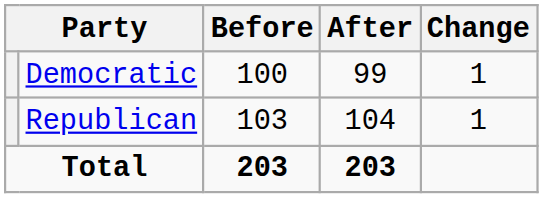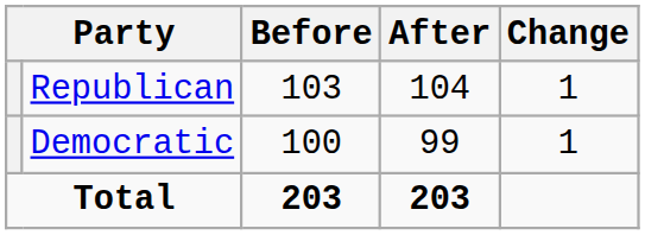 <table class="wikitable" style="text-align:center;">
 <tr>
 <th colspan="2">Party</th>
 <th>Before</th>
 <th>After</th>
 <th>Change</th>
 </tr>
 <tr>
 <th style="background-color:"></th>
-<td style="text-align:left;"><a href='#'>Democratic</a></td>
-<td>100</td>
-<td>99</td>
+<td style="text-align:left;"><a href='#'>Republican</a></td>
+<td>103</td>
+<td>104</td>
 <td> 1</td>
 </tr>
 <tr>
 <th style="background-color:"></th>
-<td style="text-align:left;"><a href='#'>Republican</a></td>
-<td>103</td>
-<td>104</td>
+<td style="text-align:left;"><a href='#'>Democratic</a></td>
+<td>100</td>
+<td>99</td>
 <td> 1</td>
 </tr>
 <tr>
 <td colspan="2"><strong>Total</strong></td>
 <td><strong>203</strong></td>
 <td><strong>203</strong></td>
 <td></td>
 </tr>
 </table>
